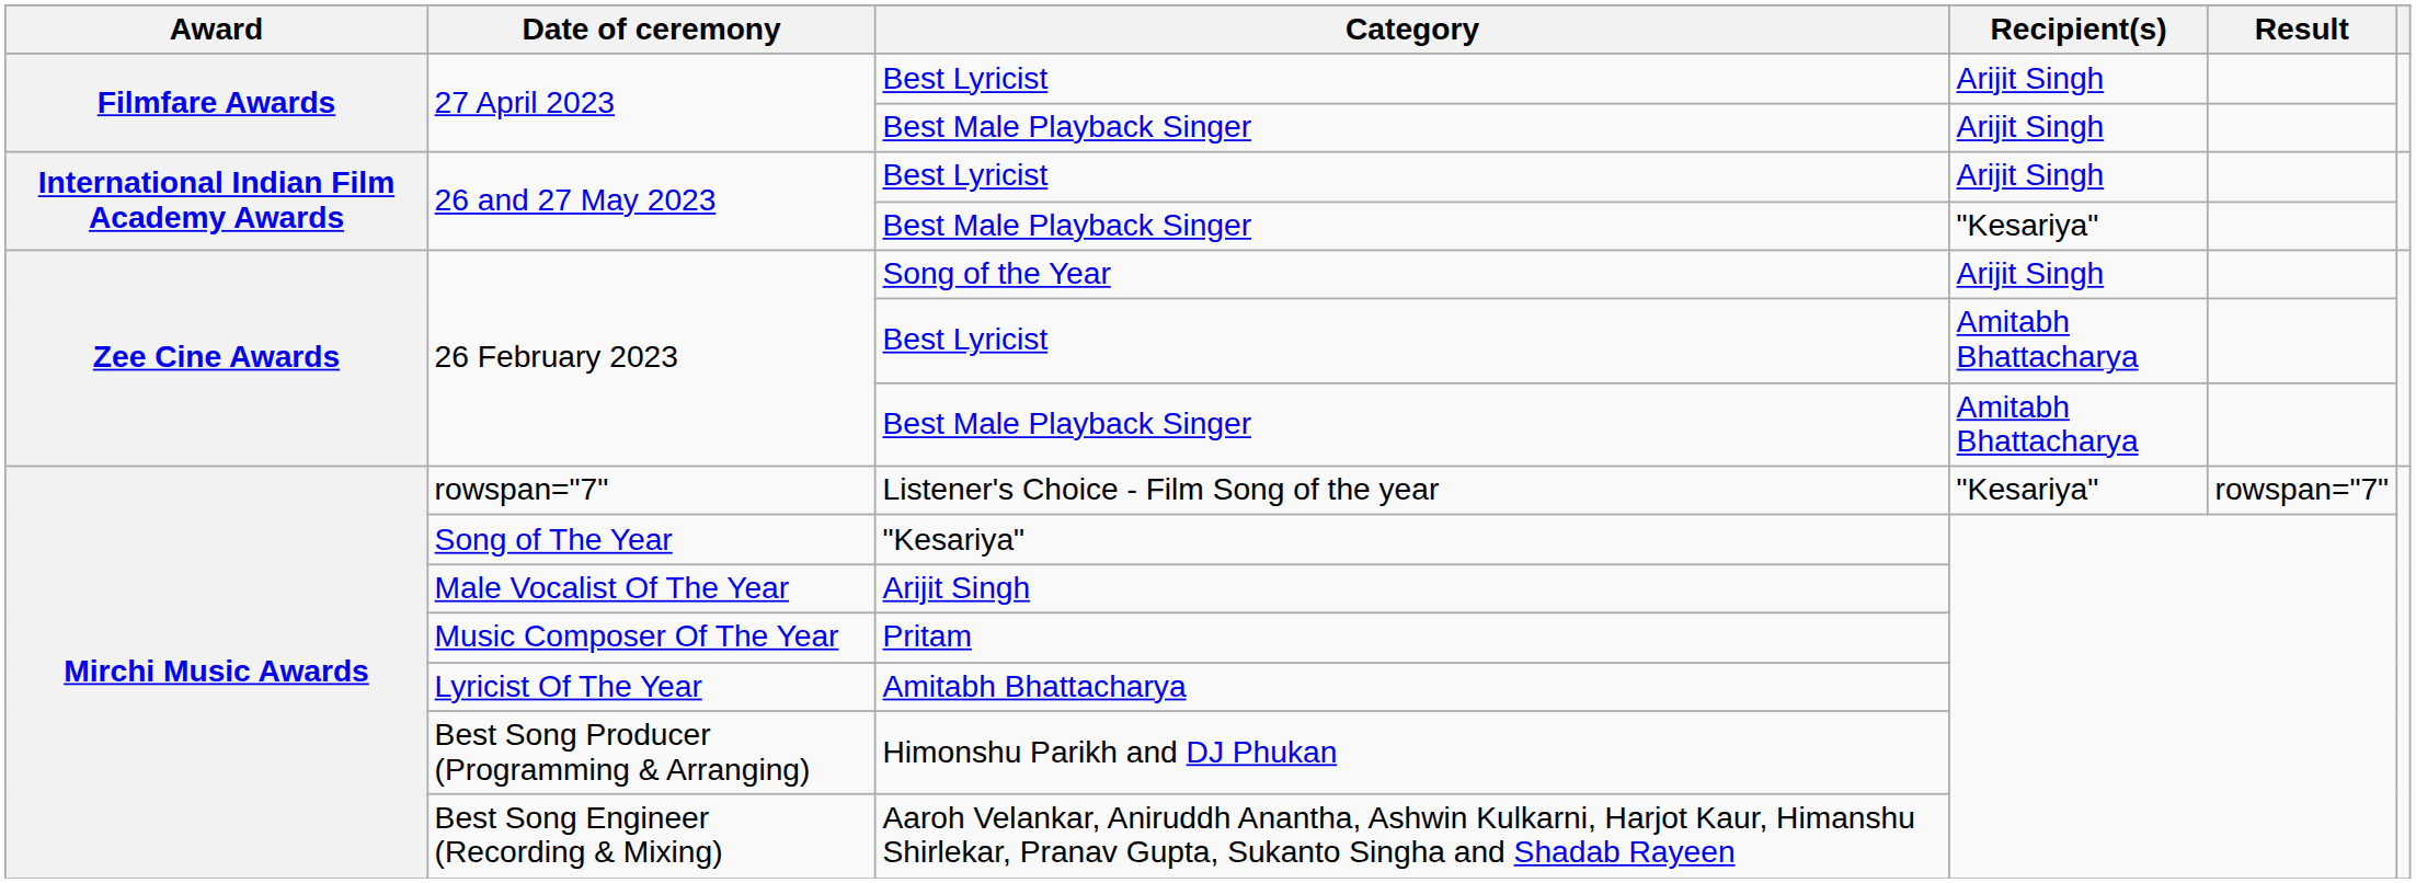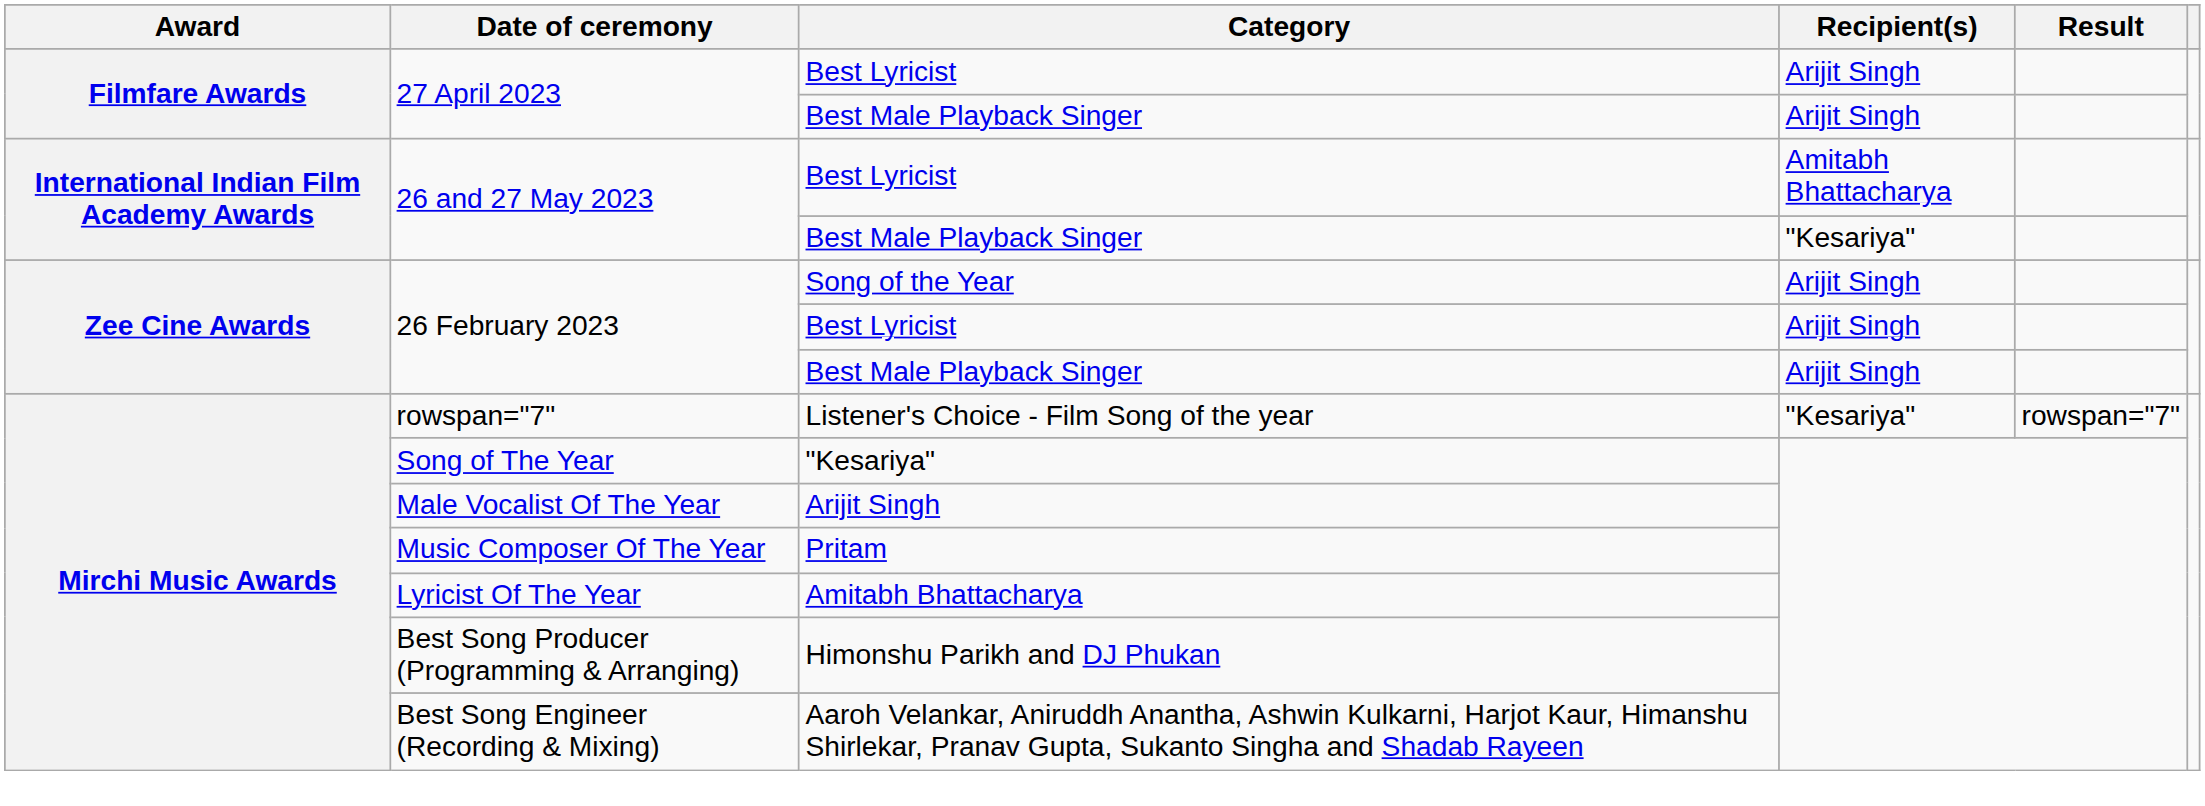 <table class="wikitable plainrowheaders sortable">
 <tr>
 <th scope="col">Award</th>
 <th scope="col">Date of ceremony</th>
 <th scope="col">Category</th>
 <th scope="col">Recipient(s)</th>
 <th scope="col" class="unsortable">Result</th>
 <th scope="col" class="unsortable"></th>
 </tr>
 <tr>
 <th scope="row" rowspan="2"><a href='#'>Filmfare Awards</a></th>
 <td rowspan="2"><a href='#'>27 April 2023</a></td>
 <td><a href='#'>Best Lyricist</a></td>
 <td><a href='#'>Arijit Singh</a></td>
 <td></td>
 <td style="text-align:center;" rowspan="2"></td>
 </tr>
 <tr>
 <td><a href='#'>Best Male Playback Singer</a></td>
 <td><a href='#'>Arijit Singh</a></td>
 <td></td>
 </tr>
 <tr>
 <th scope="row" rowspan="2"><a href='#'>International Indian Film Academy Awards</a></th>
 <td rowspan="2"><a href='#'>26 and 27 May 2023</a></td>
 <td><a href='#'>Best Lyricist</a></td>
-<td><a href='#'>Arijit Singh</a></td>
+<td><a href='#'>Amitabh Bhattacharya</a></td>
 <td></td>
 <td style="text-align:center;" rowspan="2"></td>
 </tr>
 <tr>
 <td><a href='#'>Best Male Playback Singer</a></td>
 <td>"Kesariya"</td>
 <td></td>
 </tr>
 <tr>
 <th scope="row" rowspan="3"><a href='#'>Zee Cine Awards</a></th>
 <td rowspan="3">26 February 2023</td>
 <td><a href='#'>Song of the Year</a></td>
 <td><a href='#'>Arijit Singh</a></td>
 <td></td>
 <td style="text-align:center;" rowspan="3"></td>
 </tr>
 <tr>
 <td><a href='#'>Best Lyricist</a></td>
-<td><a href='#'>Amitabh Bhattacharya</a></td>
+<td><a href='#'>Arijit Singh</a></td>
 <td></td>
 </tr>
 <tr>
 <td><a href='#'>Best Male Playback Singer</a></td>
-<td><a href='#'>Amitabh Bhattacharya</a></td>
+<td><a href='#'>Arijit Singh</a></td>
 <td></td>
 </tr>
 <tr>
 <th scope="row" rowspan="7"><a href='#'>Mirchi Music Awards</a></th>
 <td>rowspan="7" </td>
 <td>Listener's Choice - Film Song of the year</td>
 <td>"Kesariya"</td>
 <td>rowspan="7" </td>
 <td style="text-align:center;" rowspan="7"></td>
 </tr>
 <tr>
 <td><a href='#'>Song of The Year</a></td>
 <td>"Kesariya"</td>
 </tr>
 <tr>
 <td><a href='#'>Male Vocalist Of The Year</a></td>
 <td><a href='#'>Arijit Singh</a></td>
 </tr>
 <tr>
 <td><a href='#'>Music Composer Of The Year</a></td>
 <td><a href='#'>Pritam</a></td>
 </tr>
 <tr>
 <td><a href='#'>Lyricist Of The Year</a></td>
 <td><a href='#'>Amitabh Bhattacharya</a></td>
 </tr>
 <tr>
 <td>Best Song Producer (Programming & Arranging)</td>
 <td>Himonshu Parikh and <a href='#'>DJ Phukan</a></td>
 </tr>
 <tr>
 <td>Best Song Engineer (Recording & Mixing)</td>
 <td>Aaroh Velankar, Aniruddh Anantha, Ashwin Kulkarni, Harjot Kaur, Himanshu Shirlekar, Pranav Gupta, Sukanto Singha and <a href='#'>Shadab Rayeen</a></td>
 </tr>
 </table>
